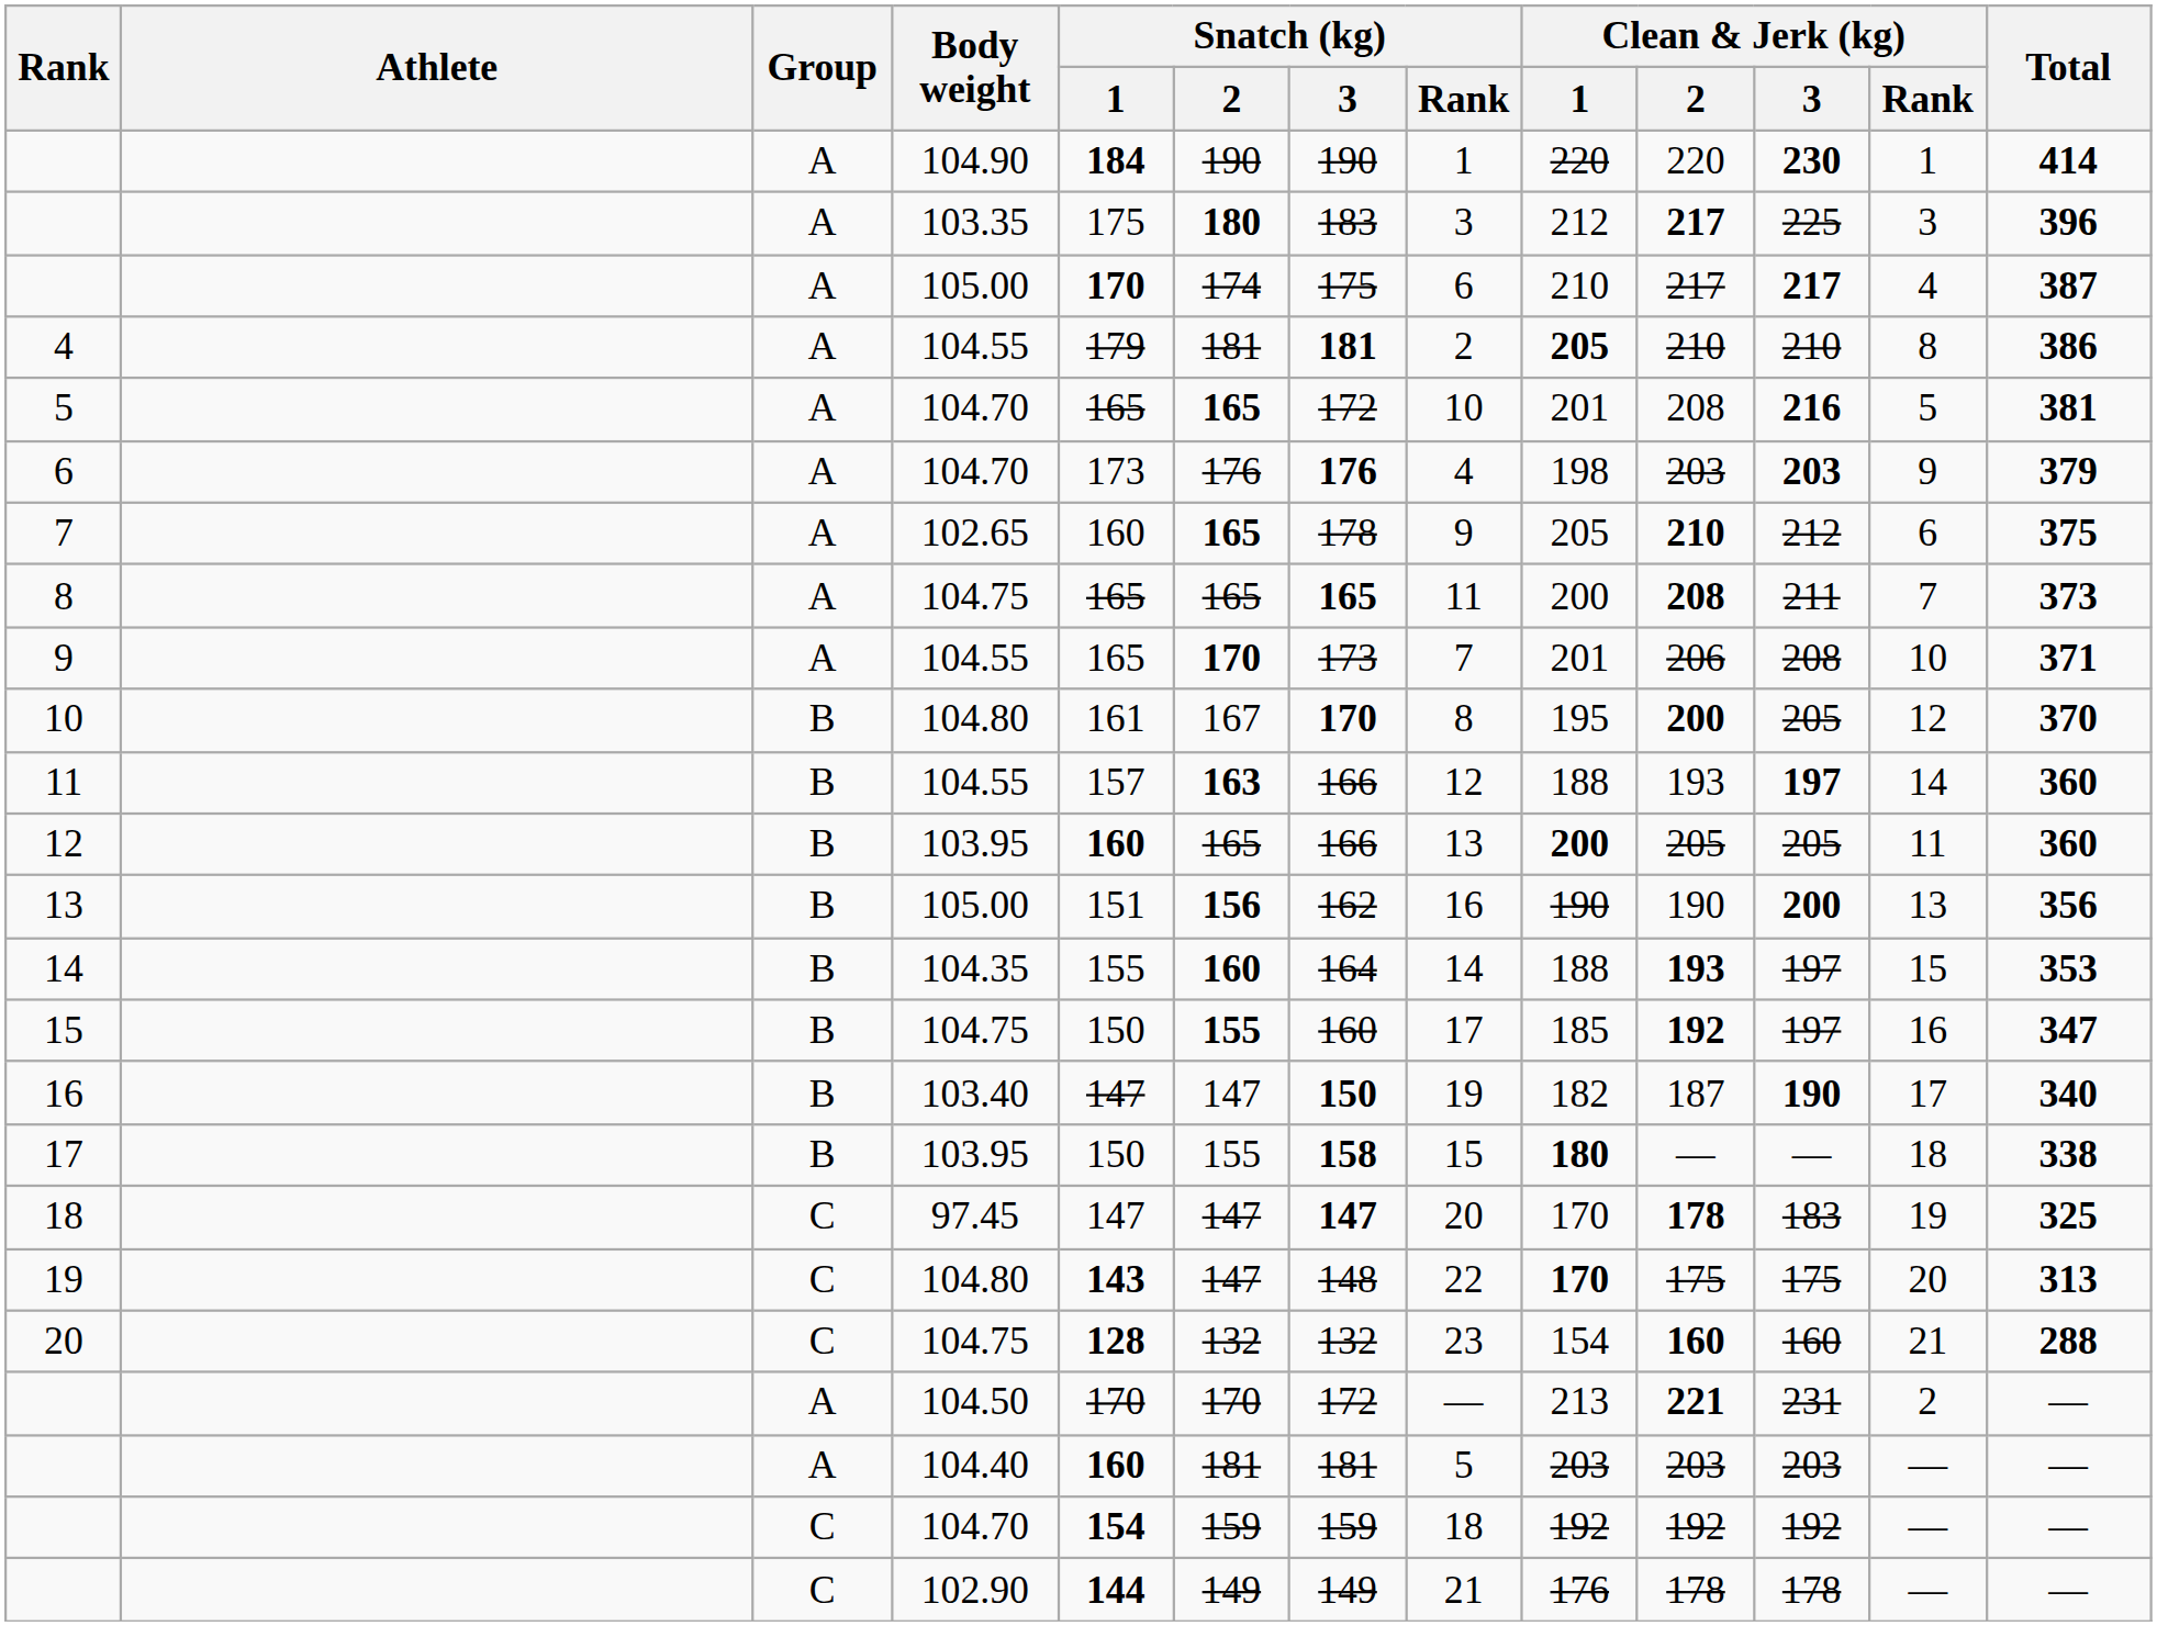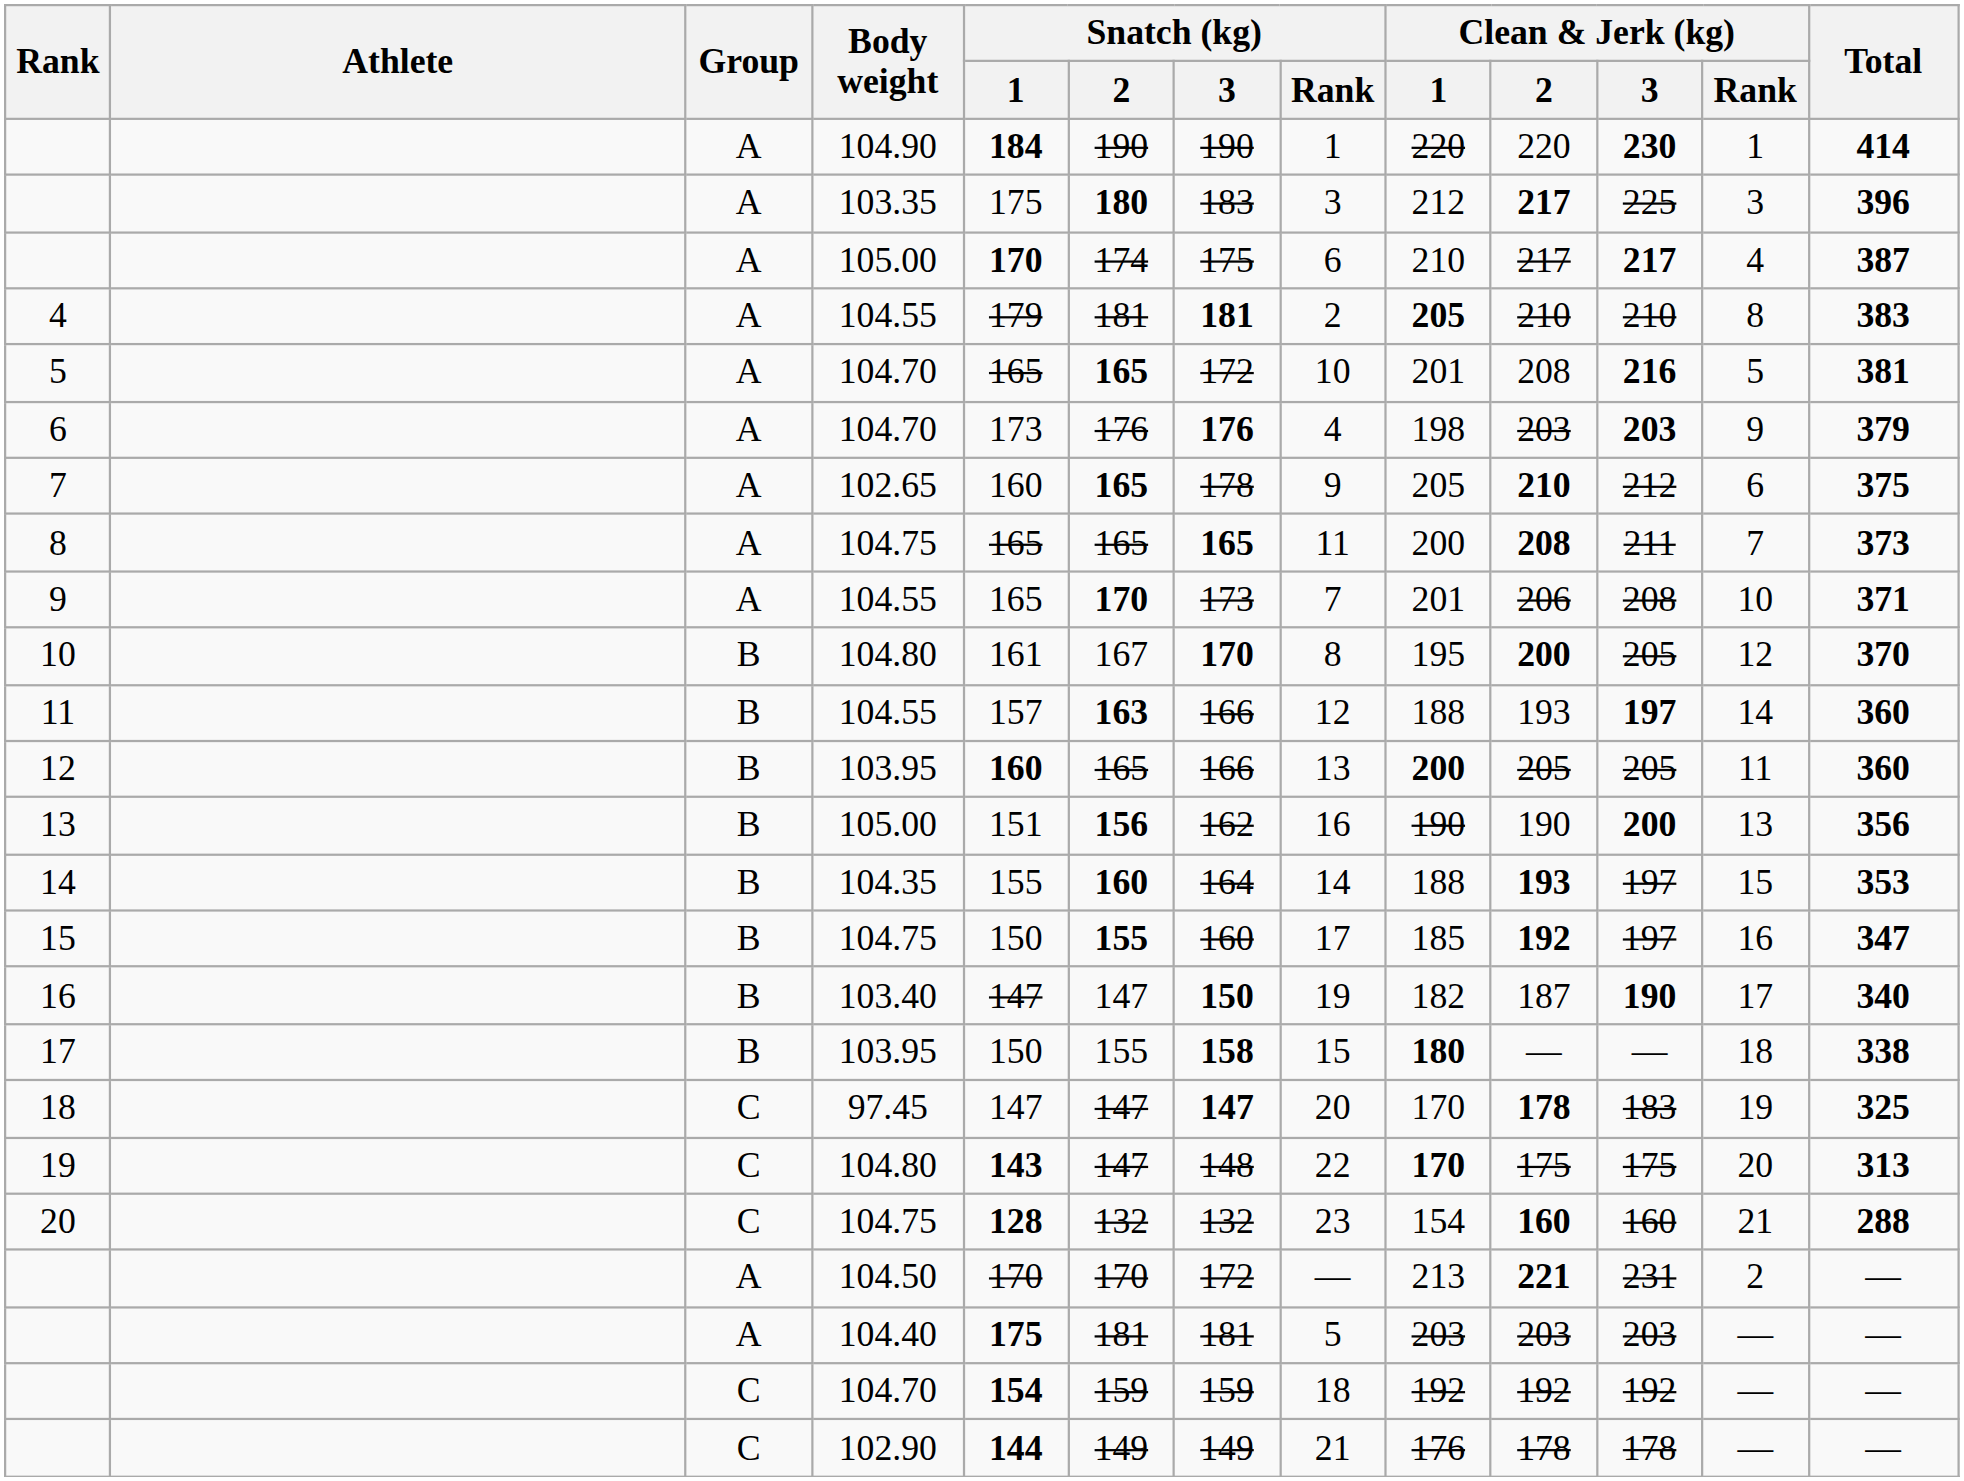 <table class = "wikitable" style="text-align:center;">
 <tr>
 <th rowspan=2 width=40>Rank</th>
 <th rowspan=2 width=250>Athlete</th>
 <th rowspan=2 width=50>Group</th>
 <th rowspan=2 width=60>Body weight</th>
 <th colspan=4>Snatch (kg)</th>
 <th colspan=4>Clean & Jerk (kg)</th>
 <th rowspan=2 width=60>Total</th>
 </tr>
 <tr>
 <th width=40>1</th>
 <th width=40>2</th>
 <th width=40>3</th>
 <th width=40>Rank</th>
 <th width=40>1</th>
 <th width=40>2</th>
 <th width=40>3</th>
 <th width=40>Rank</th>
 </tr>
 <tr>
 <td></td>
 <td align=left></td>
 <td>A</td>
 <td>104.90</td>
 <td><strong>184</strong></td>
 <td><s>190</s></td>
 <td><s>190</s></td>
 <td>1</td>
 <td><s>220</s></td>
 <td>220</td>
 <td><strong>230</strong></td>
 <td>1</td>
 <td><strong>414</strong></td>
 </tr>
 <tr>
 <td></td>
 <td align=left></td>
 <td>A</td>
 <td>103.35</td>
 <td>175</td>
 <td><strong>180</strong></td>
 <td><s>183</s></td>
 <td>3</td>
 <td>212</td>
 <td><strong>217</strong></td>
 <td><s>225</s></td>
 <td>3</td>
 <td><strong>396</strong></td>
 </tr>
 <tr>
 <td></td>
 <td align=left></td>
 <td>A</td>
 <td>105.00</td>
 <td><strong>170</strong></td>
 <td><s>174</s></td>
 <td><s>175</s></td>
 <td>6</td>
 <td>210</td>
 <td><s>217</s></td>
 <td><strong>217</strong></td>
 <td>4</td>
 <td><strong>387</strong></td>
 </tr>
 <tr>
 <td>4</td>
 <td align=left></td>
 <td>A</td>
 <td>104.55</td>
 <td><s>179</s></td>
 <td><s>181</s></td>
 <td><strong>181</strong></td>
 <td>2</td>
 <td><strong>205</strong></td>
 <td><s>210</s></td>
 <td><s>210</s></td>
 <td>8</td>
-<td><strong>386</strong></td>
+<td><strong>383</strong></td>
 </tr>
 <tr>
 <td>5</td>
 <td align=left></td>
 <td>A</td>
 <td>104.70</td>
 <td><s>165</s></td>
 <td><strong>165</strong></td>
 <td><s>172</s></td>
 <td>10</td>
 <td>201</td>
 <td>208</td>
 <td><strong>216</strong></td>
 <td>5</td>
 <td><strong>381</strong></td>
 </tr>
 <tr>
 <td>6</td>
 <td align=left></td>
 <td>A</td>
 <td>104.70</td>
 <td>173</td>
 <td><s>176</s></td>
 <td><strong>176</strong></td>
 <td>4</td>
 <td>198</td>
 <td><s>203</s></td>
 <td><strong>203</strong></td>
 <td>9</td>
 <td><strong>379</strong></td>
 </tr>
 <tr>
 <td>7</td>
 <td align=left></td>
 <td>A</td>
 <td>102.65</td>
 <td>160</td>
 <td><strong>165</strong></td>
 <td><s>178</s></td>
 <td>9</td>
 <td>205</td>
 <td><strong>210</strong></td>
 <td><s>212</s></td>
 <td>6</td>
 <td><strong>375</strong></td>
 </tr>
 <tr>
 <td>8</td>
 <td align=left></td>
 <td>A</td>
 <td>104.75</td>
 <td><s>165</s></td>
 <td><s>165</s></td>
 <td><strong>165</strong></td>
 <td>11</td>
 <td>200</td>
 <td><strong>208</strong></td>
 <td><s>211</s></td>
 <td>7</td>
 <td><strong>373</strong></td>
 </tr>
 <tr>
 <td>9</td>
 <td align=left></td>
 <td>A</td>
 <td>104.55</td>
 <td>165</td>
 <td><strong>170</strong></td>
 <td><s>173</s></td>
 <td>7</td>
 <td>201</td>
 <td><s>206</s></td>
 <td><s>208</s></td>
 <td>10</td>
 <td><strong>371</strong></td>
 </tr>
 <tr>
 <td>10</td>
 <td align=left></td>
 <td>B</td>
 <td>104.80</td>
 <td>161</td>
 <td>167</td>
 <td><strong>170</strong></td>
 <td>8</td>
 <td>195</td>
 <td><strong>200</strong></td>
 <td><s>205</s></td>
 <td>12</td>
 <td><strong>370</strong></td>
 </tr>
 <tr>
 <td>11</td>
 <td align=left></td>
 <td>B</td>
 <td>104.55</td>
 <td>157</td>
 <td><strong>163</strong></td>
 <td><s>166</s></td>
 <td>12</td>
 <td>188</td>
 <td>193</td>
 <td><strong>197</strong></td>
 <td>14</td>
 <td><strong>360</strong></td>
 </tr>
 <tr>
 <td>12</td>
 <td align=left></td>
 <td>B</td>
 <td>103.95</td>
 <td><strong>160</strong></td>
 <td><s>165</s></td>
 <td><s>166</s></td>
 <td>13</td>
 <td><strong>200</strong></td>
 <td><s>205</s></td>
 <td><s>205</s></td>
 <td>11</td>
 <td><strong>360</strong></td>
 </tr>
 <tr>
 <td>13</td>
 <td align=left></td>
 <td>B</td>
 <td>105.00</td>
 <td>151</td>
 <td><strong>156</strong></td>
 <td><s>162</s></td>
 <td>16</td>
 <td><s>190</s></td>
 <td>190</td>
 <td><strong>200</strong></td>
 <td>13</td>
 <td><strong>356</strong></td>
 </tr>
 <tr>
 <td>14</td>
 <td align=left></td>
 <td>B</td>
 <td>104.35</td>
 <td>155</td>
 <td><strong>160</strong></td>
 <td><s>164</s></td>
 <td>14</td>
 <td>188</td>
 <td><strong>193</strong></td>
 <td><s>197</s></td>
 <td>15</td>
 <td><strong>353</strong></td>
 </tr>
 <tr>
 <td>15</td>
 <td align=left></td>
 <td>B</td>
 <td>104.75</td>
 <td>150</td>
 <td><strong>155</strong></td>
 <td><s>160</s></td>
 <td>17</td>
 <td>185</td>
 <td><strong>192</strong></td>
 <td><s>197</s></td>
 <td>16</td>
 <td><strong>347</strong></td>
 </tr>
 <tr>
 <td>16</td>
 <td align=left></td>
 <td>B</td>
 <td>103.40</td>
 <td><s>147</s></td>
 <td>147</td>
 <td><strong>150</strong></td>
 <td>19</td>
 <td>182</td>
 <td>187</td>
 <td><strong>190</strong></td>
 <td>17</td>
 <td><strong>340</strong></td>
 </tr>
 <tr>
 <td>17</td>
 <td align=left></td>
 <td>B</td>
 <td>103.95</td>
 <td>150</td>
 <td>155</td>
 <td><strong>158</strong></td>
 <td>15</td>
 <td><strong>180</strong></td>
 <td>—</td>
 <td>—</td>
 <td>18</td>
 <td><strong>338</strong></td>
 </tr>
 <tr>
 <td>18</td>
 <td align=left></td>
 <td>C</td>
 <td>97.45</td>
 <td>147</td>
 <td><s>147</s></td>
 <td><strong>147</strong></td>
 <td>20</td>
 <td>170</td>
 <td><strong>178</strong></td>
 <td><s>183</s></td>
 <td>19</td>
 <td><strong>325</strong></td>
 </tr>
 <tr>
 <td>19</td>
 <td align=left></td>
 <td>C</td>
 <td>104.80</td>
 <td><strong>143</strong></td>
 <td><s>147</s></td>
 <td><s>148</s></td>
 <td>22</td>
 <td><strong>170</strong></td>
 <td><s>175</s></td>
 <td><s>175</s></td>
 <td>20</td>
 <td><strong>313</strong></td>
 </tr>
 <tr>
 <td>20</td>
 <td align=left></td>
 <td>C</td>
 <td>104.75</td>
 <td><strong>128</strong></td>
 <td><s>132</s></td>
 <td><s>132</s></td>
 <td>23</td>
 <td>154</td>
 <td><strong>160</strong></td>
 <td><s>160</s></td>
 <td>21</td>
 <td><strong>288</strong></td>
 </tr>
 <tr>
 <td></td>
 <td align=left></td>
 <td>A</td>
 <td>104.50</td>
 <td><s>170</s></td>
 <td><s>170</s></td>
 <td><s>172</s></td>
 <td>—</td>
 <td>213</td>
 <td><strong>221</strong></td>
 <td><s>231</s></td>
 <td>2</td>
 <td>—</td>
 </tr>
 <tr>
 <td></td>
 <td align=left></td>
 <td>A</td>
 <td>104.40</td>
-<td><strong>160</strong></td>
+<td><strong>175</strong></td>
 <td><s>181</s></td>
 <td><s>181</s></td>
 <td>5</td>
 <td><s>203</s></td>
 <td><s>203</s></td>
 <td><s>203</s></td>
 <td>—</td>
 <td>—</td>
 </tr>
 <tr>
 <td></td>
 <td align=left></td>
 <td>C</td>
 <td>104.70</td>
 <td><strong>154</strong></td>
 <td><s>159</s></td>
 <td><s>159</s></td>
 <td>18</td>
 <td><s>192</s></td>
 <td><s>192</s></td>
 <td><s>192</s></td>
 <td>—</td>
 <td>—</td>
 </tr>
 <tr>
 <td></td>
 <td align=left></td>
 <td>C</td>
 <td>102.90</td>
 <td><strong>144</strong></td>
 <td><s>149</s></td>
 <td><s>149</s></td>
 <td>21</td>
 <td><s>176</s></td>
 <td><s>178</s></td>
 <td><s>178</s></td>
 <td>—</td>
 <td>—</td>
 </tr>
 <tr>
 </tr>
 </table>
